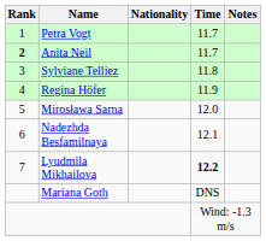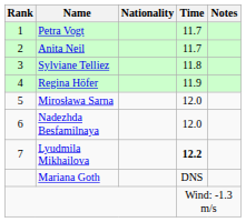 <table class="wikitable sortable" style="text-align:center;width: 55%">
 <tr>
 <th>Rank</th>
 <th>Name</th>
 <th>Nationality</th>
 <th>Time</th>
 <th>Notes</th>
 </tr>
 <tr bgcolor=ccffcc>
 <td>1</td>
 <td align=left><a href='#'>Petra Vogt</a></td>
 <td align=left></td>
 <td>11.7</td>
 <td></td>
 </tr>
 <tr bgcolor=ccffcc>
-<td><strong>2</strong></td>
+<td>2</td>
 <td align=left><a href='#'>Anita Neil</a></td>
 <td align=left></td>
 <td>11.7</td>
 <td></td>
 </tr>
 <tr bgcolor=ccffcc>
 <td>3</td>
 <td align=left><a href='#'>Sylviane Telliez</a></td>
 <td align=left></td>
 <td>11.8</td>
 <td></td>
 </tr>
 <tr bgcolor=ccffcc>
 <td>4</td>
 <td align=left><a href='#'>Regina Höfer</a></td>
 <td align=left></td>
 <td>11.9</td>
 <td></td>
 </tr>
 <tr>
 <td>5</td>
 <td align=left><a href='#'>Mirosława Sarna</a></td>
 <td align=left></td>
 <td>12.0</td>
 <td></td>
 </tr>
 <tr>
 <td>6</td>
 <td align=left><a href='#'>Nadezhda Besfamilnaya</a></td>
 <td align=left></td>
-<td>12.1</td>
+<td>12.0</td>
 <td></td>
 </tr>
 <tr>
 <td>7</td>
 <td align=left><a href='#'>Lyudmila Mikhailova</a></td>
 <td align=left></td>
 <td><strong>12.2</strong></td>
 <td></td>
 </tr>
 <tr>
 <td></td>
 <td align=left><a href='#'>Mariana Goth</a></td>
 <td align=left></td>
 <td>DNS</td>
 <td></td>
 </tr>
 <tr>
 <td colspan="3"></td>
 <td colspan="2">Wind: -1.3 m/s</td>
 </tr>
 </table>
